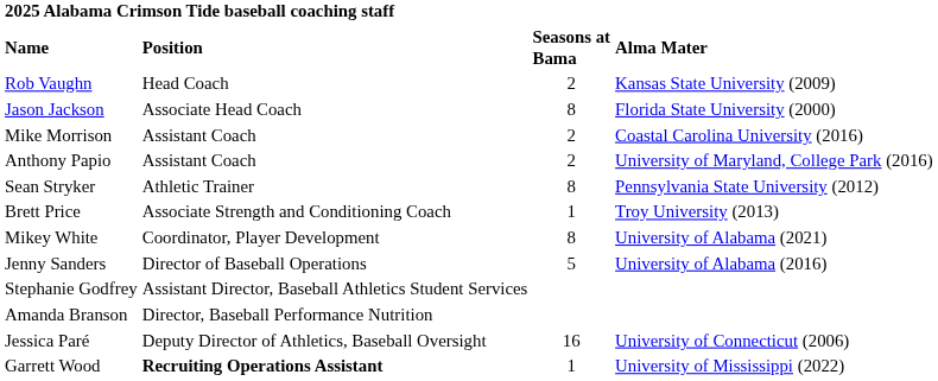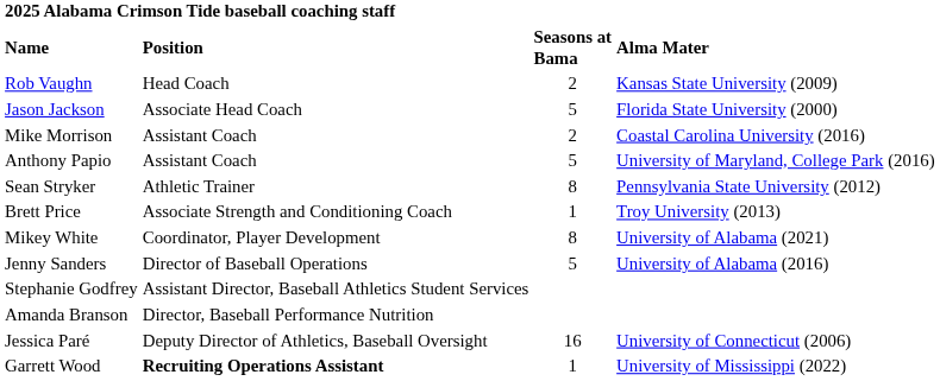 <table class="toccolours" style="text-align: left; font-size:90%;">
 <tr>
 <th colspan="4">2025 Alabama Crimson Tide baseball coaching staff</th>
 </tr>
 <tr>
 <th>Name</th>
 <th>Position</th>
 <th>Seasons at<br>Bama</th>
 <th>Alma Mater</th>
 </tr>
 <tr>
 <td><a href='#'>Rob Vaughn</a></td>
 <td>Head Coach</td>
 <td align=center>2</td>
 <td><a href='#'>Kansas State University</a> (2009)</td>
 </tr>
 <tr>
 <td><a href='#'>Jason Jackson</a></td>
 <td>Associate Head Coach</td>
-<td align=center>8</td>
+<td align=center>5</td>
 <td><a href='#'>Florida State University</a> (2000)</td>
 </tr>
 <tr>
 <td>Mike Morrison</td>
 <td>Assistant Coach</td>
 <td align=center>2</td>
 <td><a href='#'>Coastal Carolina University</a> (2016)</td>
 </tr>
 <tr>
 <td>Anthony Papio</td>
 <td>Assistant Coach</td>
-<td align=center>2</td>
+<td align=center>5</td>
 <td><a href='#'>University of Maryland, College Park</a> (2016)</td>
 </tr>
 <tr>
 <td>Sean Stryker</td>
 <td>Athletic Trainer</td>
 <td align=center>8</td>
 <td><a href='#'>Pennsylvania State University</a> (2012)</td>
 </tr>
 <tr>
 <td>Brett Price</td>
 <td>Associate Strength and Conditioning Coach</td>
 <td align=center>1</td>
 <td><a href='#'>Troy University</a> (2013)</td>
 </tr>
 <tr>
 <td>Mikey White</td>
 <td>Coordinator, Player Development</td>
 <td align=center>8</td>
 <td><a href='#'>University of Alabama</a> (2021)</td>
 </tr>
 <tr>
 <td>Jenny Sanders</td>
 <td>Director of Baseball Operations</td>
 <td align=center>5</td>
 <td><a href='#'>University of Alabama</a> (2016)</td>
 </tr>
 <tr>
 <td>Stephanie Godfrey</td>
 <td>Assistant Director, Baseball Athletics Student Services</td>
 <td align=center></td>
 </tr>
 <tr>
 <td>Amanda Branson</td>
 <td>Director, Baseball Performance Nutrition</td>
 <td align=center></td>
 </tr>
 <tr>
 <td>Jessica Paré</td>
 <td>Deputy Director of Athletics, Baseball Oversight</td>
 <td align=center>16</td>
 <td><a href='#'>University of Connecticut</a> (2006)</td>
 </tr>
 <tr>
 <td>Garrett Wood</td>
 <td><strong>Recruiting Operations Assistant</strong></td>
 <td align=center>1</td>
 <td><a href='#'>University of Mississippi</a> (2022)</td>
 </tr>
 </table>
